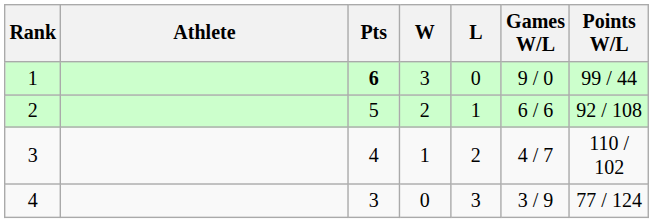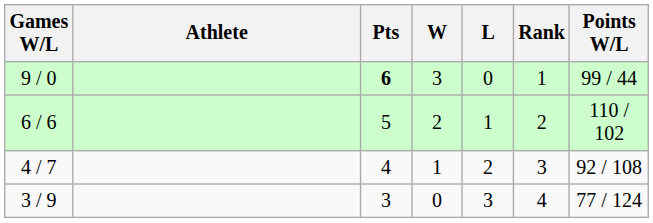 <table class="wikitable" style="text-align: center; font-size:90% ">
 <tr>
-<th width="20">Rank</th>
+<th width="40">Games<br>W/L</th>
 <th width="200">Athlete</th>
 <th width="30">Pts</th>
 <th width="30">W</th>
 <th width="30">L</th>
-<th width="40">Games<br>W/L</th>
+<th width="20">Rank</th>
 <th width="50">Points<br>W/L</th>
 </tr>
 <tr bgcolor=#ccffcc>
-<td>1</td>
+<td>9 / 0</td>
 <td align=left></td>
 <td><strong>6</strong></td>
 <td>3</td>
 <td>0</td>
-<td>9 / 0</td>
+<td>1</td>
 <td>99 / 44</td>
 </tr>
 <tr bgcolor=#ccffcc>
-<td>2</td>
+<td>6 / 6</td>
 <td align=left></td>
 <td>5</td>
 <td>2</td>
 <td>1</td>
-<td>6 / 6</td>
-<td>92 / 108</td>
+<td>2</td>
+<td>110 / 102</td>
 </tr>
 <tr>
-<td>3</td>
+<td>4 / 7</td>
 <td align=left></td>
 <td>4</td>
 <td>1</td>
 <td>2</td>
-<td>4 / 7</td>
-<td>110 / 102</td>
+<td>3</td>
+<td>92 / 108</td>
 </tr>
 <tr>
-<td>4</td>
+<td>3 / 9</td>
 <td align=left></td>
 <td>3</td>
 <td>0</td>
 <td>3</td>
-<td>3 / 9</td>
+<td>4</td>
 <td>77 / 124</td>
 </tr>
 </table>
